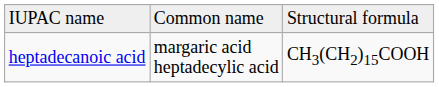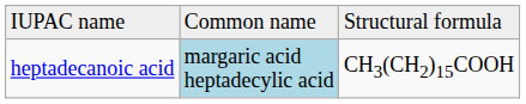 <table class="wikitable">
 <tr bgcolor="#efefef">
 <td>IUPAC name</td>
 <td>Common name</td>
 <td>Structural formula</td>
 </tr>
 <tr>
 <td><a href='#'>heptadecanoic acid</a></td>
-<td>margaric acid<br>heptadecylic acid</td>
+<td style="background: lightblue;">margaric acid<br>heptadecylic acid</td>
 <td>CH<sub>3</sub>(CH<sub>2</sub>)<sub>15</sub>COOH</td>
 </tr>
 </table>
